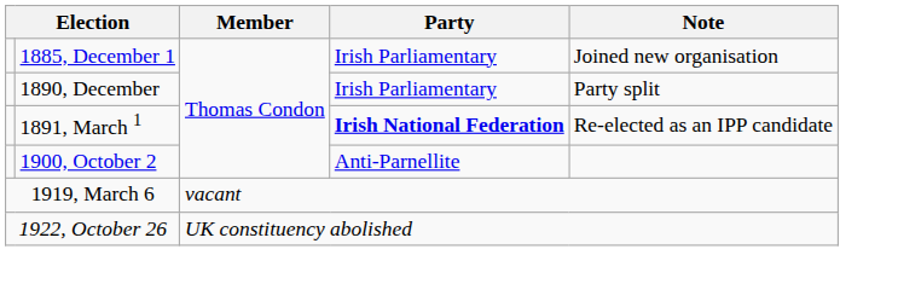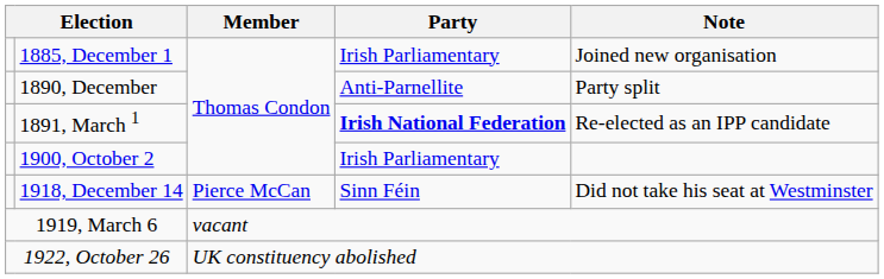 <table class="wikitable">
 <tr>
 <th colspan="2">Election</th>
 <th>Member</th>
 <th>Party</th>
 <th>Note</th>
 </tr>
 <tr>
 <td style="color:inherit;background-color: "></td>
 <td><a href='#'>1885, December 1</a></td>
 <td rowspan="4"><a href='#'>Thomas Condon</a></td>
 <td><a href='#'>Irish Parliamentary</a></td>
 <td>Joined new organisation</td>
 </tr>
 <tr>
 <td style="color:inherit;background-color: "></td>
 <td>1890, December</td>
-<td><a href='#'>Irish Parliamentary</a></td>
+<td><a href='#'>Anti-Parnellite</a></td>
 <td>Party split</td>
 </tr>
 <tr>
 <td style="color:inherit;background-color: "></td>
 <td>1891, March <sup>1</sup></td>
 <td><strong><a href='#'>Irish National Federation</a></strong></td>
 <td>Re-elected as an IPP candidate</td>
 </tr>
 <tr>
 <td style="color:inherit;background-color: "></td>
 <td><a href='#'>1900, October 2</a></td>
-<td><a href='#'>Anti-Parnellite</a></td>
+<td><a href='#'>Irish Parliamentary</a></td>
 <td></td>
+</tr>
+<tr>
+<td style="color:inherit;background-color: "></td>
+<td><a href='#'>1918, December 14</a></td>
+<td><a href='#'>Pierce McCan</a></td>
+<td><a href='#'>Sinn Féin</a></td>
+<td>Did not take his seat at <a href='#'>Westminster</a></td>
 </tr>
 <tr>
 <td colspan="2" align="center">1919, March 6</td>
 <td colspan="3"><em>vacant</em></td>
 </tr>
 <tr>
 <td colspan="2" align="center"><em>1922, October 26</em></td>
 <td colspan="3"><em>UK constituency abolished</em></td>
 </tr>
 </table>
